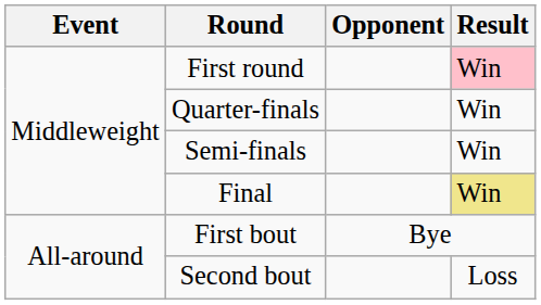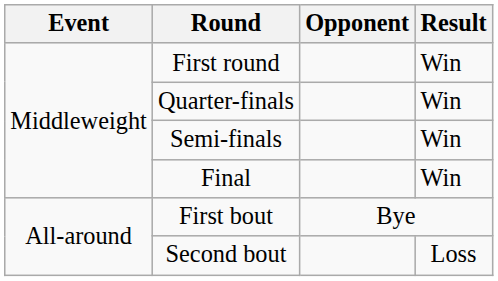 <table class="wikitable" style=" text-align:center;">
 <tr>
 <th>Event</th>
 <th>Round</th>
 <th>Opponent</th>
 <th>Result</th>
 </tr>
 <tr>
 <td rowspan=4>Middleweight</td>
 <td>First round</td>
 <td></td>
-<td align=left style="background: pink;">Win</td>
+<td align=left>Win</td>
 </tr>
 <tr>
 <td>Quarter-finals</td>
 <td></td>
 <td align=left>Win</td>
 </tr>
 <tr>
 <td>Semi-finals</td>
 <td></td>
 <td align=left>Win</td>
 </tr>
 <tr>
 <td>Final</td>
 <td></td>
-<td align=left style="background: khaki;">Win </td>
+<td align=left>Win </td>
 </tr>
 <tr>
 <td rowspan=2>All-around</td>
 <td>First bout</td>
 <td colspan=2>Bye</td>
 </tr>
 <tr>
 <td>Second bout</td>
 <td></td>
 <td>Loss </td>
 </tr>
 </table>
